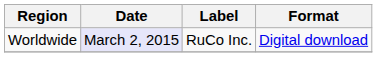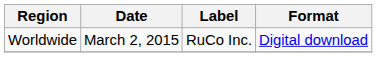 <table class=wikitable>
 <tr>
 <th>Region</th>
 <th>Date</th>
 <th>Label</th>
 <th>Format</th>
 </tr>
 <tr>
 <td>Worldwide</td>
-<td style="background: lavender;">March 2, 2015</td>
+<td>March 2, 2015</td>
 <td>RuCo Inc.</td>
 <td><a href='#'>Digital download</a></td>
 </tr>
 <tr>
 </tr>
 </table>
